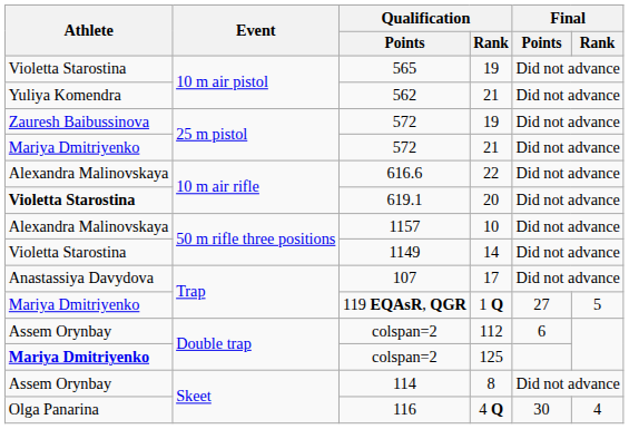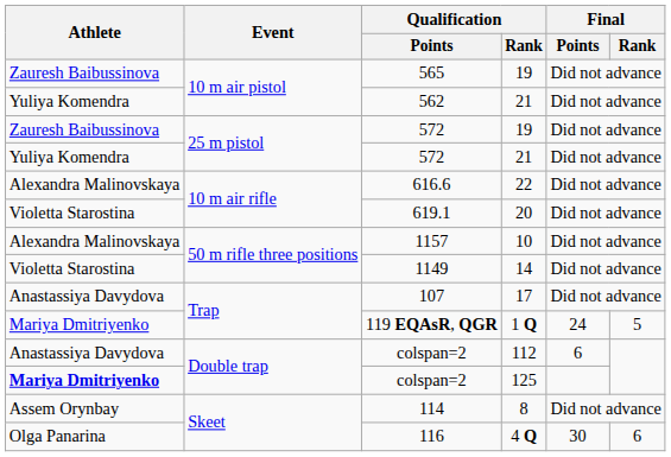 <table class=wikitable style=font-size:90%;text-align:center>
 <tr>
 <th rowspan="2">Athlete</th>
 <th rowspan="2">Event</th>
 <th colspan=2>Qualification</th>
 <th colspan=2>Final</th>
 </tr>
 <tr style="font-size:95%">
 <th>Points</th>
 <th>Rank</th>
 <th>Points</th>
 <th>Rank</th>
 </tr>
 <tr>
-<td align=left>Violetta Starostina</td>
+<td align=left><a href='#'>Zauresh Baibussinova</a></td>
 <td align=left rowspan=2><a href='#'>10 m air pistol</a></td>
 <td>565</td>
 <td>19</td>
 <td colspan=2>Did not advance</td>
 </tr>
 <tr>
 <td align=left>Yuliya Komendra</td>
 <td>562</td>
 <td>21</td>
 <td colspan=2>Did not advance</td>
 </tr>
 <tr>
 <td align=left><a href='#'>Zauresh Baibussinova</a></td>
 <td align=left rowspan=2><a href='#'>25 m pistol</a></td>
 <td>572</td>
 <td>19</td>
 <td colspan=2>Did not advance</td>
 </tr>
 <tr>
-<td align=left><a href='#'>Mariya Dmitriyenko</a></td>
+<td align=left>Yuliya Komendra</td>
 <td>572</td>
 <td>21</td>
 <td colspan=2>Did not advance</td>
 </tr>
 <tr>
 <td align=left>Alexandra Malinovskaya</td>
 <td align=left rowspan=2><a href='#'>10 m air rifle</a></td>
 <td>616.6</td>
 <td>22</td>
 <td colspan=2>Did not advance</td>
 </tr>
 <tr>
-<td align=left><strong>Violetta Starostina</strong></td>
+<td align=left>Violetta Starostina</td>
 <td>619.1</td>
 <td>20</td>
 <td colspan=2>Did not advance</td>
 </tr>
 <tr>
 <td align=left>Alexandra Malinovskaya</td>
 <td align=left rowspan=2><a href='#'>50 m rifle three positions</a></td>
 <td>1157</td>
 <td>10</td>
 <td colspan=2>Did not advance</td>
 </tr>
 <tr>
 <td align=left>Violetta Starostina</td>
 <td>1149</td>
 <td>14</td>
 <td colspan=2>Did not advance</td>
 </tr>
 <tr>
 <td align=left>Anastassiya Davydova</td>
 <td align=left rowspan=2><a href='#'>Trap</a></td>
 <td>107</td>
 <td>17</td>
 <td colspan=2>Did not advance</td>
 </tr>
 <tr>
 <td align=left><a href='#'>Mariya Dmitriyenko</a></td>
 <td>119 <strong>EQAsR</strong>, <strong>QGR</strong></td>
 <td>1 <strong>Q</strong></td>
-<td>27</td>
+<td>24</td>
 <td>5</td>
 </tr>
 <tr>
-<td align=left>Assem Orynbay</td>
+<td align=left>Anastassiya Davydova</td>
 <td align=left rowspan=2><a href='#'>Double trap</a></td>
 <td>colspan=2 </td>
 <td>112</td>
 <td>6</td>
 </tr>
 <tr>
 <td align=left><strong><a href='#'>Mariya Dmitriyenko</a></strong></td>
 <td>colspan=2 </td>
 <td>125</td>
 <td></td>
 </tr>
 <tr>
 <td align=left>Assem Orynbay</td>
 <td align=left rowspan=2><a href='#'>Skeet</a></td>
 <td>114</td>
 <td>8</td>
 <td colspan=2>Did not advance</td>
 </tr>
 <tr>
 <td align=left>Olga Panarina</td>
 <td>116</td>
 <td>4 <strong>Q</strong></td>
 <td>30</td>
-<td>4</td>
+<td>6</td>
 </tr>
 </table>
